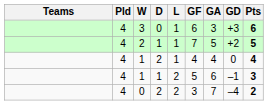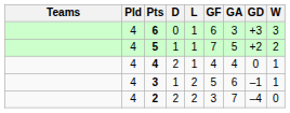 <table class="wikitable" style="text-align: center;">
 <tr>
 <th width=165>Teams</th>
 <th width=20>Pld</th>
-<th width=20>W</th>
+<th width=20>Pts</th>
 <th width=20>D</th>
 <th width=20>L</th>
 <th width=20>GF</th>
 <th width=20>GA</th>
 <th width=20>GD</th>
-<th width=20>Pts</th>
+<th width=20>W</th>
 </tr>
 <tr align=center style="background:#ccffcc;">
 <td style="text-align:left;"></td>
 <td>4</td>
-<td>3</td>
+<td><strong>6</strong></td>
 <td>0</td>
 <td>1</td>
 <td>6</td>
 <td>3</td>
 <td>+3</td>
-<td><strong>6</strong></td>
+<td>3</td>
 </tr>
 <tr align=center style="background:#ccffcc;">
 <td style="text-align:left;"></td>
 <td>4</td>
-<td>2</td>
+<td><strong>5</strong></td>
 <td>1</td>
 <td>1</td>
 <td>7</td>
 <td>5</td>
 <td>+2</td>
-<td><strong>5</strong></td>
+<td>2</td>
 </tr>
 <tr align=center>
 <td style="text-align:left;"></td>
 <td>4</td>
-<td>1</td>
+<td><strong>4</strong></td>
 <td>2</td>
 <td>1</td>
 <td>4</td>
 <td>4</td>
 <td>0</td>
-<td><strong>4</strong></td>
+<td>1</td>
 </tr>
 <tr align=center>
 <td style="text-align:left;"></td>
 <td>4</td>
-<td>1</td>
+<td><strong>3</strong></td>
 <td>1</td>
 <td>2</td>
 <td>5</td>
 <td>6</td>
 <td>–1</td>
-<td><strong>3</strong></td>
+<td>1</td>
 </tr>
 <tr align=center>
 <td style="text-align:left;"></td>
 <td>4</td>
-<td>0</td>
+<td><strong>2</strong></td>
 <td>2</td>
 <td>2</td>
 <td>3</td>
 <td>7</td>
 <td>–4</td>
-<td><strong>2</strong></td>
+<td>0</td>
 </tr>
 </table>
